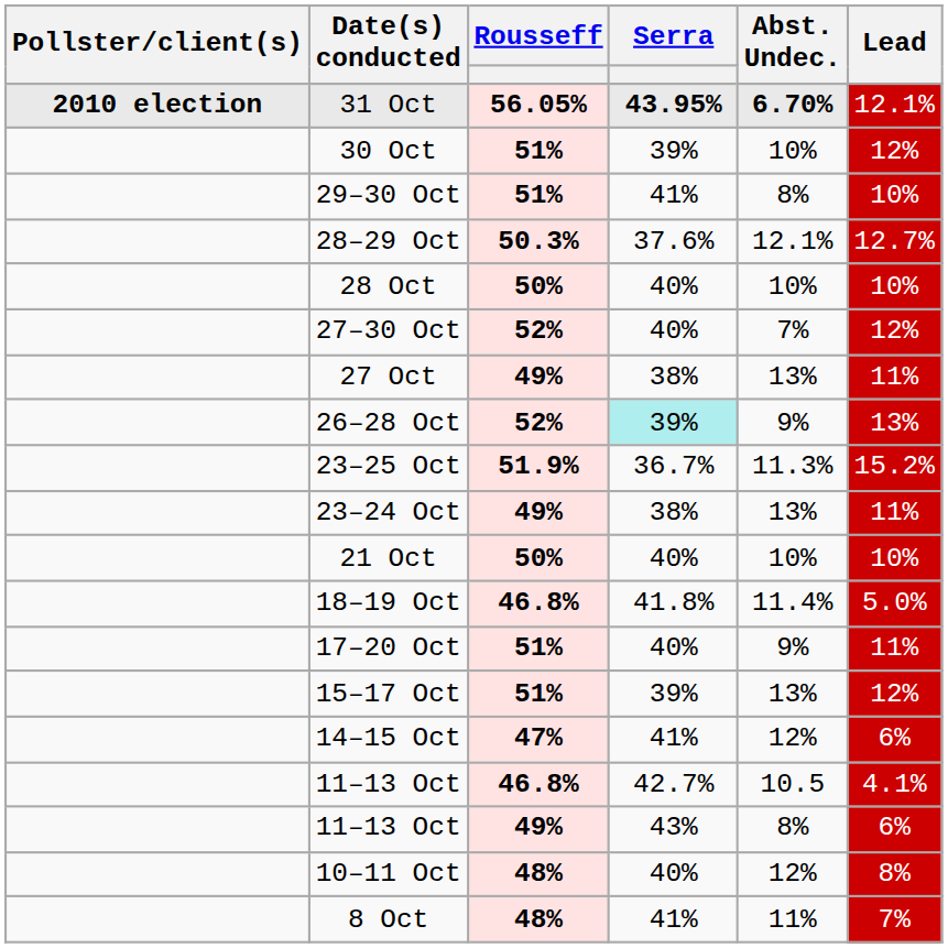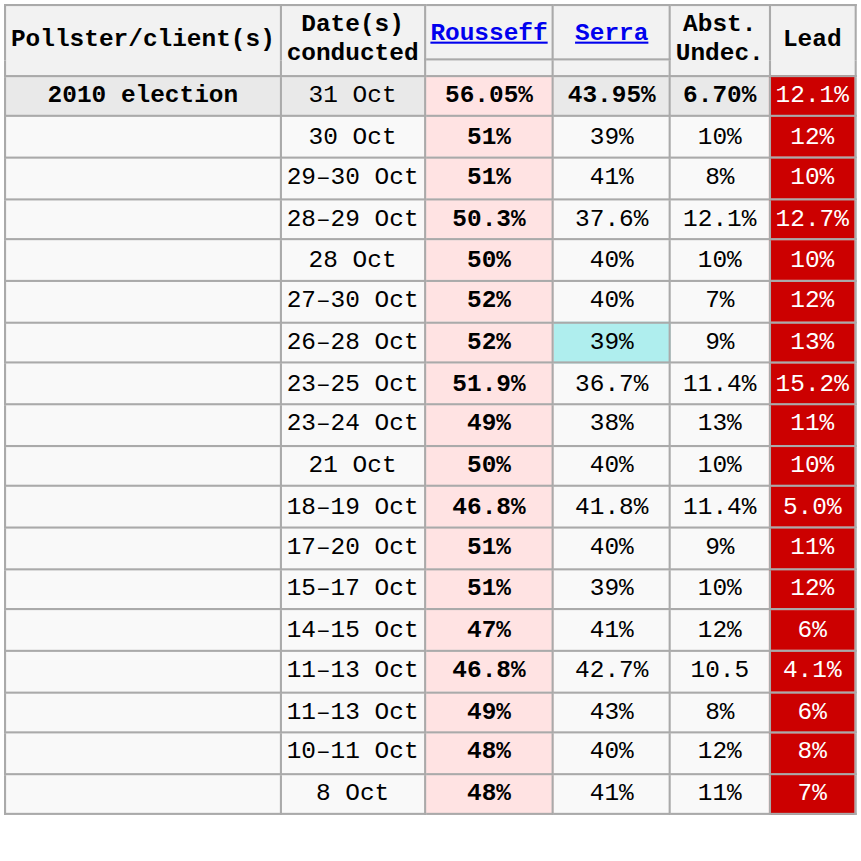 <table class="wikitable sortable" style="text-align:center;font-size:90%;line-height:14px;">
 <tr>
 <th rowspan="2">Pollster/client(s)</th>
 <th rowspan="2">Date(s)<br>conducted</th>
 <th class="unsortable" style="width:50px;"><a href='#'>Rousseff</a><br></th>
 <th class="unsortable" style="width:50px;"><a href='#'>Serra</a><br></th>
 <th rowspan="2" class="unsortable">Abst.<br>Undec.</th>
 <th rowspan="2" data-sort-type="number">Lead</th>
 </tr>
 <tr>
 <th data-sort-type="number" class="sortable" style="background:"></th>
 <th data-sort-type="number" class="sortable" style="background:"></th>
 </tr>
 <tr style="background:#E9E9E9;">
 <td><strong>2010 election</strong></td>
 <td>31 Oct</td>
 <td style="background:#FFE3E3"><strong>56.05%</strong></td>
 <td><strong>43.95%</strong></td>
 <td><strong>6.70%</strong></td>
 <td style="background:#CC0000;color:#FFFFFF;">12.1%</td>
 </tr>
 <tr>
 <td></td>
 <td>30 Oct</td>
 <td style="background:#FFE3E3"><strong>51%</strong></td>
 <td>39%</td>
 <td>10%</td>
 <td style="background:#CC0000;color:#FFFFFF;">12%</td>
 </tr>
 <tr>
 <td></td>
 <td>29–30 Oct</td>
 <td style="background:#FFE3E3"><strong>51%</strong></td>
 <td>41%</td>
 <td>8%</td>
 <td style="background:#CC0000;color:#FFFFFF;">10%</td>
 </tr>
 <tr>
 <td></td>
 <td>28–29 Oct</td>
 <td style="background:#FFE3E3"><strong>50.3%</strong></td>
 <td>37.6%</td>
 <td>12.1%</td>
 <td style="background:#CC0000;color:#FFFFFF;">12.7%</td>
 </tr>
 <tr>
 <td></td>
 <td>28 Oct</td>
 <td style="background:#FFE3E3"><strong>50%</strong></td>
 <td>40%</td>
 <td>10%</td>
 <td style="background:#CC0000;color:#FFFFFF;">10%</td>
 </tr>
 <tr>
 <td></td>
 <td>27–30 Oct</td>
 <td style="background:#FFE3E3"><strong>52%</strong></td>
 <td>40%</td>
 <td>7%</td>
 <td style="background:#CC0000;color:#FFFFFF;">12%</td>
 </tr>
 <tr>
 <td></td>
-<td>27 Oct</td>
-<td style="background:#FFE3E3"><strong>49%</strong></td>
-<td>38%</td>
-<td>13%</td>
-<td style="background:#CC0000;color:#FFFFFF;">11%</td>
-</tr>
-<tr>
-<td></td>
 <td>26–28 Oct</td>
 <td style="background:#FFE3E3"><strong>52%</strong></td>
 <td style="background: paleturquoise;">39%</td>
 <td>9%</td>
 <td style="background:#CC0000;color:#FFFFFF;">13%</td>
 </tr>
 <tr>
 <td></td>
 <td>23–25 Oct</td>
 <td style="background:#FFE3E3"><strong>51.9%</strong></td>
 <td>36.7%</td>
-<td>11.3%</td>
+<td>11.4%</td>
 <td style="background:#CC0000;color:#FFFFFF;">15.2%</td>
 </tr>
 <tr>
 <td></td>
 <td>23–24 Oct</td>
 <td style="background:#FFE3E3"><strong>49%</strong></td>
 <td>38%</td>
 <td>13%</td>
 <td style="background:#CC0000;color:#FFFFFF;">11%</td>
 </tr>
 <tr>
 <td></td>
 <td>21 Oct</td>
 <td style="background:#FFE3E3"><strong>50%</strong></td>
 <td>40%</td>
 <td>10%</td>
 <td style="background:#CC0000;color:#FFFFFF;">10%</td>
 </tr>
 <tr>
 <td></td>
 <td>18–19 Oct</td>
 <td style="background:#FFE3E3"><strong>46.8%</strong></td>
 <td>41.8%</td>
 <td>11.4%</td>
 <td style="background:#CC0000;color:#FFFFFF;">5.0%</td>
 </tr>
 <tr>
 <td></td>
 <td>17–20 Oct</td>
 <td style="background:#FFE3E3"><strong>51%</strong></td>
 <td>40%</td>
 <td>9%</td>
 <td style="background:#CC0000;color:#FFFFFF;">11%</td>
 </tr>
 <tr>
 <td></td>
 <td>15–17 Oct</td>
 <td style="background:#FFE3E3"><strong>51%</strong></td>
 <td>39%</td>
-<td>13%</td>
+<td>10%</td>
 <td style="background:#CC0000;color:#FFFFFF;">12%</td>
 </tr>
 <tr>
 <td></td>
 <td>14–15 Oct</td>
 <td style="background:#FFE3E3"><strong>47%</strong></td>
 <td>41%</td>
 <td>12%</td>
 <td style="background:#CC0000;color:#FFFFFF;">6%</td>
 </tr>
 <tr>
 <td></td>
 <td>11–13 Oct</td>
 <td style="background:#FFE3E3"><strong>46.8%</strong></td>
 <td>42.7%</td>
 <td>10.5</td>
 <td style="background:#CC0000;color:#FFFFFF;">4.1%</td>
 </tr>
 <tr>
 <td></td>
 <td>11–13 Oct</td>
 <td style="background:#FFE3E3"><strong>49%</strong></td>
 <td>43%</td>
 <td>8%</td>
 <td style="background:#CC0000;color:#FFFFFF;">6%</td>
 </tr>
 <tr>
 <td></td>
 <td>10–11 Oct</td>
 <td style="background:#FFE3E3"><strong>48%</strong></td>
 <td>40%</td>
 <td>12%</td>
 <td style="background:#CC0000;color:#FFFFFF;">8%</td>
 </tr>
 <tr>
 <td></td>
 <td>8 Oct</td>
 <td style="background:#FFE3E3"><strong>48%</strong></td>
 <td>41%</td>
 <td>11%</td>
 <td style="background:#CC0000;color:#FFFFFF;">7%</td>
 </tr>
 </table>
